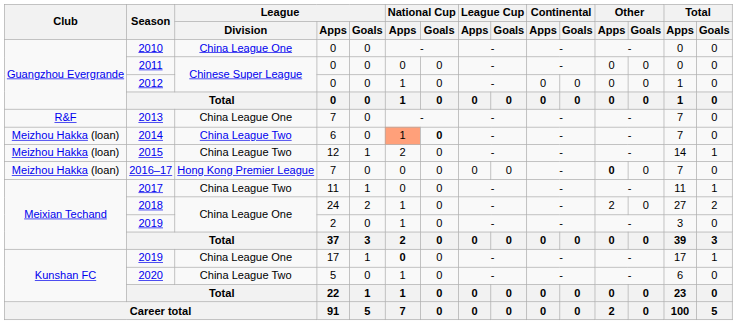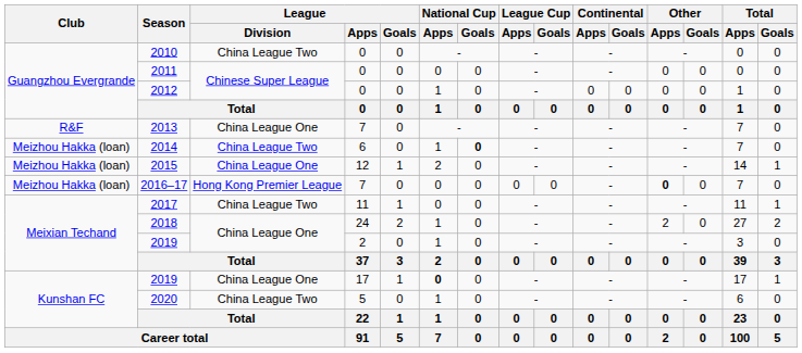 <table class="wikitable" style="text-align: center">
 <tr>
 <th rowspan="2">Club</th>
 <th rowspan="2">Season</th>
 <th colspan="3">League</th>
 <th colspan="2">National Cup</th>
 <th colspan="2">League Cup</th>
 <th colspan="2">Continental</th>
 <th colspan="2">Other</th>
 <th colspan="2">Total</th>
 </tr>
 <tr>
 <th>Division</th>
 <th>Apps</th>
 <th>Goals</th>
 <th>Apps</th>
 <th>Goals</th>
 <th>Apps</th>
 <th>Goals</th>
 <th>Apps</th>
 <th>Goals</th>
 <th>Apps</th>
 <th>Goals</th>
 <th>Apps</th>
 <th>Goals</th>
 </tr>
 <tr>
 <td rowspan=4><a href='#'>Guangzhou Evergrande</a></td>
 <td><a href='#'>2010</a></td>
-<td><a href='#'>China League One</a></td>
+<td>China League Two</td>
 <td>0</td>
 <td>0</td>
 <td colspan="2">-</td>
 <td colspan="2">-</td>
 <td colspan="2">-</td>
 <td colspan="2">-</td>
 <td>0</td>
 <td>0</td>
 </tr>
 <tr>
 <td><a href='#'>2011</a></td>
 <td rowspan="2"><a href='#'>Chinese Super League</a></td>
 <td>0</td>
 <td>0</td>
 <td>0</td>
 <td>0</td>
 <td colspan="2">-</td>
 <td colspan="2">-</td>
 <td>0</td>
 <td>0</td>
 <td>0</td>
 <td>0</td>
 </tr>
 <tr>
 <td><a href='#'>2012</a></td>
 <td>0</td>
 <td>0</td>
 <td>1</td>
 <td>0</td>
 <td colspan="2">-</td>
 <td>0</td>
 <td>0</td>
 <td>0</td>
 <td>0</td>
 <td>1</td>
 <td>0</td>
 </tr>
 <tr>
 <th colspan="2"><strong>Total</strong></th>
 <th>0</th>
 <th>0</th>
 <th>1</th>
 <th>0</th>
 <th>0</th>
 <th>0</th>
 <th>0</th>
 <th>0</th>
 <th>0</th>
 <th>0</th>
 <th>1</th>
 <th>0</th>
 </tr>
 <tr>
 <td><a href='#'>R&F</a></td>
 <td><a href='#'>2013</a></td>
 <td>China League One</td>
 <td>7</td>
 <td>0</td>
 <td colspan="2">-</td>
 <td colspan="2">-</td>
 <td colspan="2">-</td>
 <td colspan="2">-</td>
 <td>7</td>
 <td>0</td>
 </tr>
 <tr>
 <td><a href='#'>Meizhou Hakka</a> (loan)</td>
 <td><a href='#'>2014</a></td>
 <td><a href='#'>China League Two</a></td>
 <td>6</td>
 <td>0</td>
-<td style="background: lightsalmon;">1</td>
+<td>1</td>
 <td><strong>0</strong></td>
 <td colspan="2">-</td>
 <td colspan="2">-</td>
 <td colspan="2">-</td>
 <td>7</td>
 <td>0</td>
 </tr>
 <tr>
 <td><a href='#'>Meizhou Hakka</a> (loan)</td>
 <td><a href='#'>2015</a></td>
-<td>China League Two</td>
+<td><a href='#'>China League One</a></td>
 <td>12</td>
 <td>1</td>
 <td>2</td>
 <td>0</td>
 <td colspan="2">-</td>
 <td colspan="2">-</td>
 <td colspan="2">-</td>
 <td>14</td>
 <td>1</td>
 </tr>
 <tr>
 <td><a href='#'>Meizhou Hakka</a> (loan)</td>
 <td><a href='#'>2016–17</a></td>
 <td><a href='#'>Hong Kong Premier League</a></td>
 <td>7</td>
 <td>0</td>
 <td>0</td>
 <td>0</td>
 <td>0</td>
 <td>0</td>
 <td colspan="2">-</td>
 <td><strong>0</strong></td>
 <td>0</td>
 <td>7</td>
 <td>0</td>
 </tr>
 <tr>
 <td rowspan=4><a href='#'>Meixian Techand</a></td>
 <td><a href='#'>2017</a></td>
 <td>China League Two</td>
 <td>11</td>
 <td>1</td>
 <td>0</td>
 <td>0</td>
 <td colspan="2">-</td>
 <td colspan="2">-</td>
 <td colspan="2">-</td>
 <td>11</td>
 <td>1</td>
 </tr>
 <tr>
 <td><a href='#'>2018</a></td>
 <td rowspan="2">China League One</td>
 <td>24</td>
 <td>2</td>
 <td>1</td>
 <td>0</td>
 <td colspan=2>-</td>
 <td colspan=2>-</td>
 <td>2</td>
 <td>0</td>
 <td>27</td>
 <td>2</td>
 </tr>
 <tr>
 <td><a href='#'>2019</a></td>
 <td>2</td>
 <td>0</td>
 <td>1</td>
 <td>0</td>
 <td colspan=2>-</td>
 <td colspan=2>-</td>
 <td colspan=2>-</td>
 <td>3</td>
 <td>0</td>
 </tr>
 <tr>
 <th colspan="2"><strong>Total</strong></th>
 <th>37</th>
 <th>3</th>
 <th>2</th>
 <th>0</th>
 <th>0</th>
 <th>0</th>
 <th>0</th>
 <th>0</th>
 <th>0</th>
 <th>0</th>
 <th>39</th>
 <th>3</th>
 </tr>
 <tr>
 <td rowspan=3><a href='#'>Kunshan FC</a></td>
 <td><a href='#'>2019</a></td>
 <td>China League One</td>
 <td>17</td>
 <td>1</td>
 <td><strong>0</strong></td>
 <td>0</td>
 <td colspan="2">-</td>
 <td colspan="2">-</td>
 <td colspan="2">-</td>
 <td>17</td>
 <td>1</td>
 </tr>
 <tr>
 <td><a href='#'>2020</a></td>
 <td>China League Two</td>
 <td>5</td>
 <td>0</td>
 <td>1</td>
 <td>0</td>
 <td colspan="2">-</td>
 <td colspan="2">-</td>
 <td colspan="2">-</td>
 <td>6</td>
 <td>0</td>
 </tr>
 <tr>
 <th colspan="2"><strong>Total</strong></th>
 <th>22</th>
 <th>1</th>
 <th>1</th>
 <th>0</th>
 <th>0</th>
 <th>0</th>
 <th>0</th>
 <th>0</th>
 <th>0</th>
 <th>0</th>
 <th>23</th>
 <th>0</th>
 </tr>
 <tr>
 <th colspan=3>Career total</th>
 <th>91</th>
 <th>5</th>
 <th>7</th>
 <th>0</th>
 <th>0</th>
 <th>0</th>
 <th>0</th>
 <th>0</th>
 <th>2</th>
 <th>0</th>
 <th>100</th>
 <th>5</th>
 </tr>
 </table>
